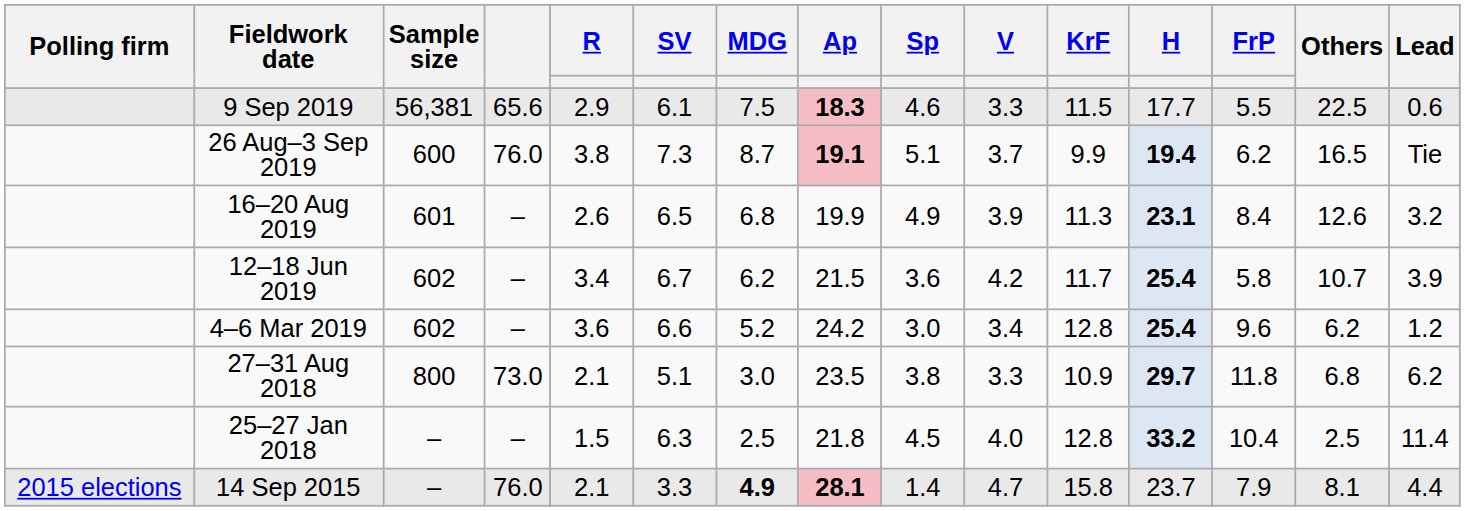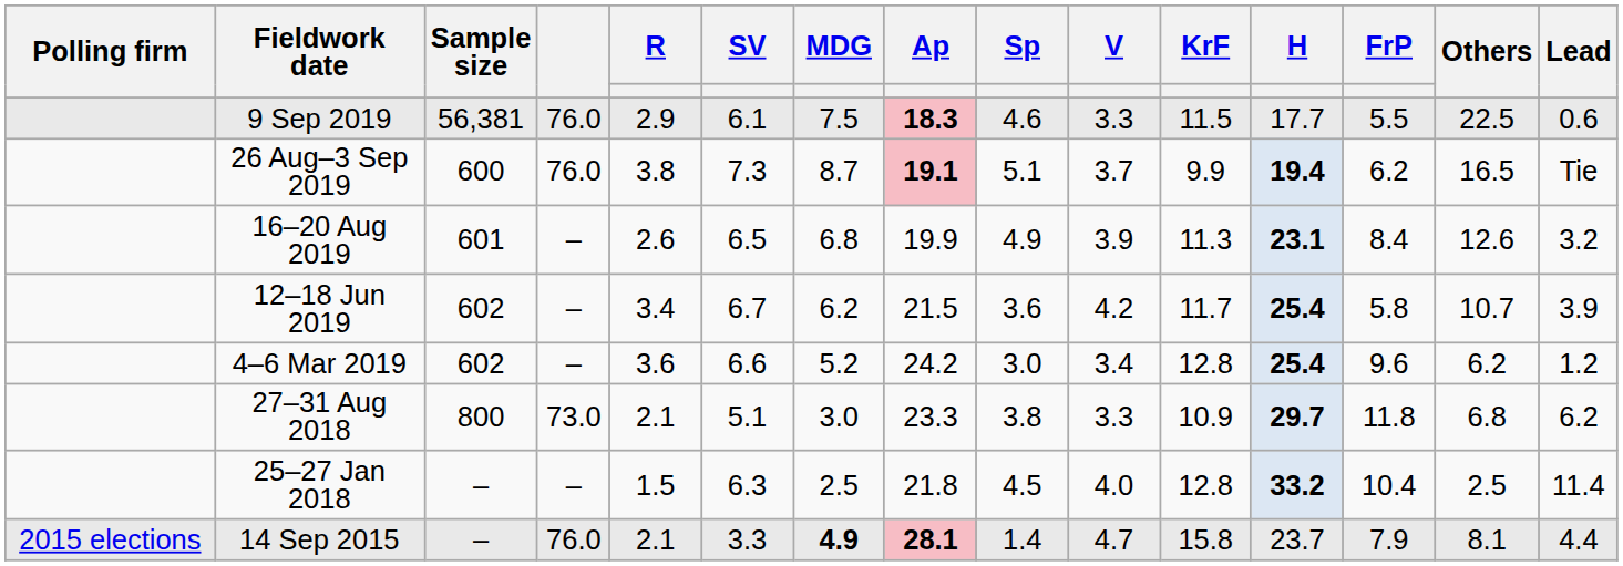 <table class="wikitable sortable" style="text-align:center;font-size:90%;line-height:14px;">
 <tr style="height:40px;">
 <th style="width:100px;" rowspan="2">Polling firm</th>
 <th style="width:100px;" rowspan="2">Fieldwork date</th>
 <th style="width:35px;" rowspan="2">Sample<br>size</th>
 <th style="width:30px;" rowspan="2"></th>
 <th class="unsortable" style="width:40px;"><a href='#'>R</a></th>
 <th class="unsortable" style="width:40px;"><a href='#'>SV</a></th>
 <th class="unsortable" style="width:40px;"><a href='#'>MDG</a></th>
 <th class="unsortable" style="width:40px;"><a href='#'>Ap</a></th>
 <th class="unsortable" style="width:40px;"><a href='#'>Sp</a></th>
 <th class="unsortable" style="width:40px;"><a href='#'>V</a></th>
 <th class="unsortable" style="width:40px;"><a href='#'>KrF</a></th>
 <th class="unsortable" style="width:40px;"><a href='#'>H</a></th>
 <th class="unsortable" style="width:40px;"><a href='#'>FrP</a></th>
 <th class="unsortable" style="width:30px;" rowspan="2">Others</th>
 <th style="width:30px;" rowspan="2">Lead</th>
 </tr>
 <tr>
 <th style="background:"></th>
 <th style="background:"></th>
 <th style="background:"></th>
 <th style="background:"></th>
 <th style="background:"></th>
 <th style="background:"></th>
 <th style="background:"></th>
 <th style="background:"></th>
 <th style="background:"></th>
 </tr>
 <tr style="background:#E9E9E9;">
 <td></td>
 <td data-sort-value="2019-09-09">9 Sep 2019</td>
 <td>56,381</td>
-<td>65.6</td>
+<td>76.0</td>
 <td>2.9</td>
 <td>6.1</td>
 <td>7.5</td>
 <td style="background:#F7BDC5;"><strong>18.3</strong></td>
 <td>4.6</td>
 <td>3.3</td>
 <td>11.5</td>
 <td>17.7</td>
 <td>5.5</td>
 <td>22.5</td>
 <td style="background:">0.6</td>
 </tr>
 <tr>
 <td></td>
 <td data-sort-value="2019-09-04">26 Aug–3 Sep 2019</td>
 <td>600</td>
 <td>76.0</td>
 <td>3.8</td>
 <td>7.3</td>
 <td>8.7</td>
 <td style="background:#F7BDC5;"><strong>19.1</strong></td>
 <td>5.1</td>
 <td>3.7</td>
 <td>9.9</td>
 <td style="background:#DCE7F3;"><strong>19.4</strong></td>
 <td>6.2</td>
 <td>16.5</td>
 <td data-sort-value="0">Tie</td>
 </tr>
 <tr>
 <td></td>
 <td data-sort-value="2019-08-21">16–20 Aug 2019</td>
 <td>601</td>
 <td>–</td>
 <td>2.6</td>
 <td>6.5</td>
 <td>6.8</td>
 <td>19.9</td>
 <td>4.9</td>
 <td>3.9</td>
 <td>11.3</td>
 <td style="background:#DCE7F3;"><strong>23.1</strong></td>
 <td>8.4</td>
 <td>12.6</td>
 <td style="background:">3.2</td>
 </tr>
 <tr>
 <td></td>
 <td data-sort-value="2019-06-18">12–18 Jun 2019</td>
 <td>602</td>
 <td>–</td>
 <td>3.4</td>
 <td>6.7</td>
 <td>6.2</td>
 <td>21.5</td>
 <td>3.6</td>
 <td>4.2</td>
 <td>11.7</td>
 <td style="background:#DCE7F3;"><strong>25.4</strong></td>
 <td>5.8</td>
 <td>10.7</td>
 <td style="background:">3.9</td>
 </tr>
 <tr>
 <td></td>
 <td data-sort-value="2019-03-06">4–6 Mar 2019</td>
 <td>602</td>
 <td>–</td>
 <td>3.6</td>
 <td>6.6</td>
 <td>5.2</td>
 <td>24.2</td>
 <td>3.0</td>
 <td>3.4</td>
 <td>12.8</td>
 <td style="background:#DCE7F3;"><strong>25.4</strong></td>
 <td>9.6</td>
 <td>6.2</td>
 <td style="background:">1.2</td>
 </tr>
 <tr>
 <td></td>
 <td data-sort-value="2018-08-31">27–31 Aug 2018</td>
 <td>800</td>
 <td>73.0</td>
 <td>2.1</td>
 <td>5.1</td>
 <td>3.0</td>
-<td>23.5</td>
+<td>23.3</td>
 <td>3.8</td>
 <td>3.3</td>
 <td>10.9</td>
 <td style="background:#DCE7F3;"><strong>29.7</strong></td>
 <td>11.8</td>
 <td>6.8</td>
 <td style="background:">6.2</td>
 </tr>
 <tr>
 <td></td>
 <td data-sort-value="2018-01-27">25–27 Jan 2018</td>
 <td>–</td>
 <td>–</td>
 <td>1.5</td>
 <td>6.3</td>
 <td>2.5</td>
 <td>21.8</td>
 <td>4.5</td>
 <td>4.0</td>
 <td>12.8</td>
 <td style="background:#DCE7F3;"><strong>33.2</strong></td>
 <td>10.4</td>
 <td>2.5</td>
 <td style="background:">11.4</td>
 </tr>
 <tr style="background:#E9E9E9;">
 <td><a href='#'>2015 elections</a></td>
 <td data-sort-value="2015-09-14">14 Sep 2015</td>
 <td>–</td>
 <td>76.0</td>
 <td>2.1</td>
 <td>3.3</td>
 <td><strong>4.9</strong></td>
 <td style="background:#F7BDC5;"><strong>28.1</strong></td>
 <td>1.4</td>
 <td>4.7</td>
 <td>15.8</td>
 <td>23.7</td>
 <td>7.9</td>
 <td>8.1</td>
 <td style="background:">4.4</td>
 </tr>
 </table>
